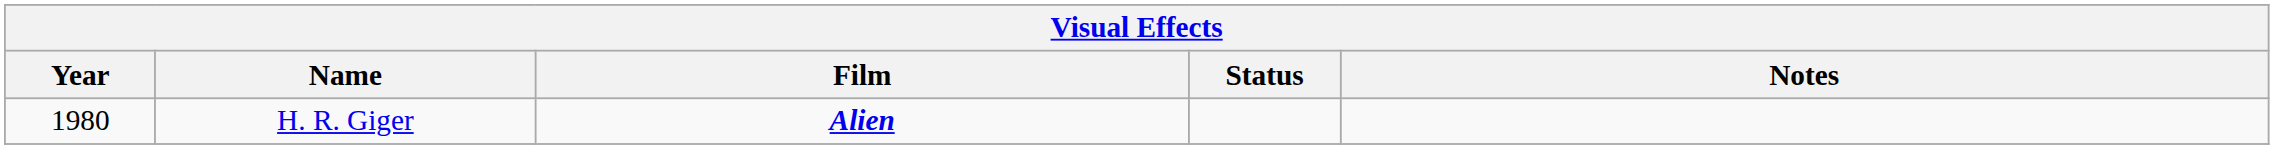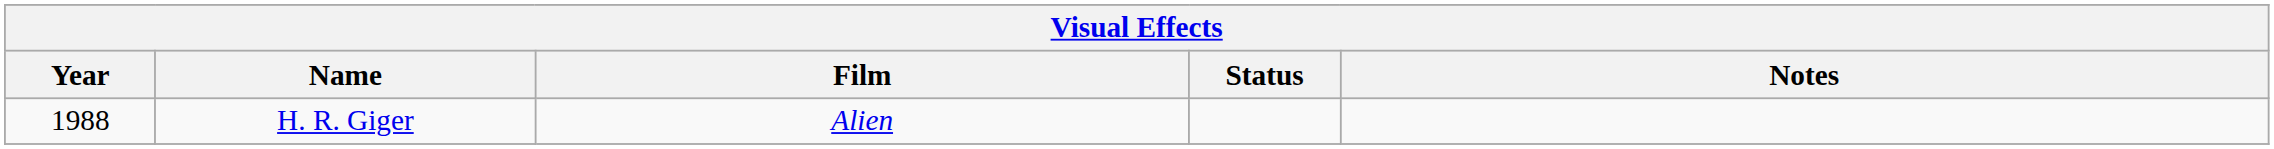 <table class="wikitable" style="text-align: center">
 <tr>
 <th colspan=6 style="text-align:center;"><a href='#'>Visual Effects</a></th>
 </tr>
 <tr>
 <th style="width:075px;">Year</th>
 <th style="width:200px;">Name</th>
 <th style="width:350px;">Film</th>
 <th style="width:075px;">Status</th>
 <th style="width:500px;">Notes</th>
 </tr>
 <tr>
-<td style="text-align: center">1980</td>
+<td style="text-align: center">1988</td>
 <td><a href='#'>H. R. Giger</a></td>
-<td><strong><em><a href='#'>Alien</a></em></strong></td>
+<td><em><a href='#'>Alien</a></em></td>
 <td></td>
 <td></td>
 </tr>
 </table>
